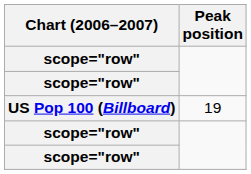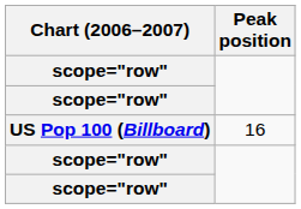 <table class="wikitable sortable plainrowheaders" style="text-align:center;">
 <tr>
 <th>Chart (2006–2007)</th>
 <th>Peak<br>position</th>
 </tr>
 <tr>
 <th>scope="row" </th>
 </tr>
 <tr>
 <th>scope="row" </th>
 </tr>
 <tr>
 <th scope="row">US <a href='#'>Pop 100</a> (<a href='#'><em>Billboard</em></a>)</th>
-<td>19</td>
+<td>16</td>
 </tr>
 <tr>
 <th>scope="row" </th>
 </tr>
 <tr>
 <th>scope="row" </th>
 </tr>
 </table>
